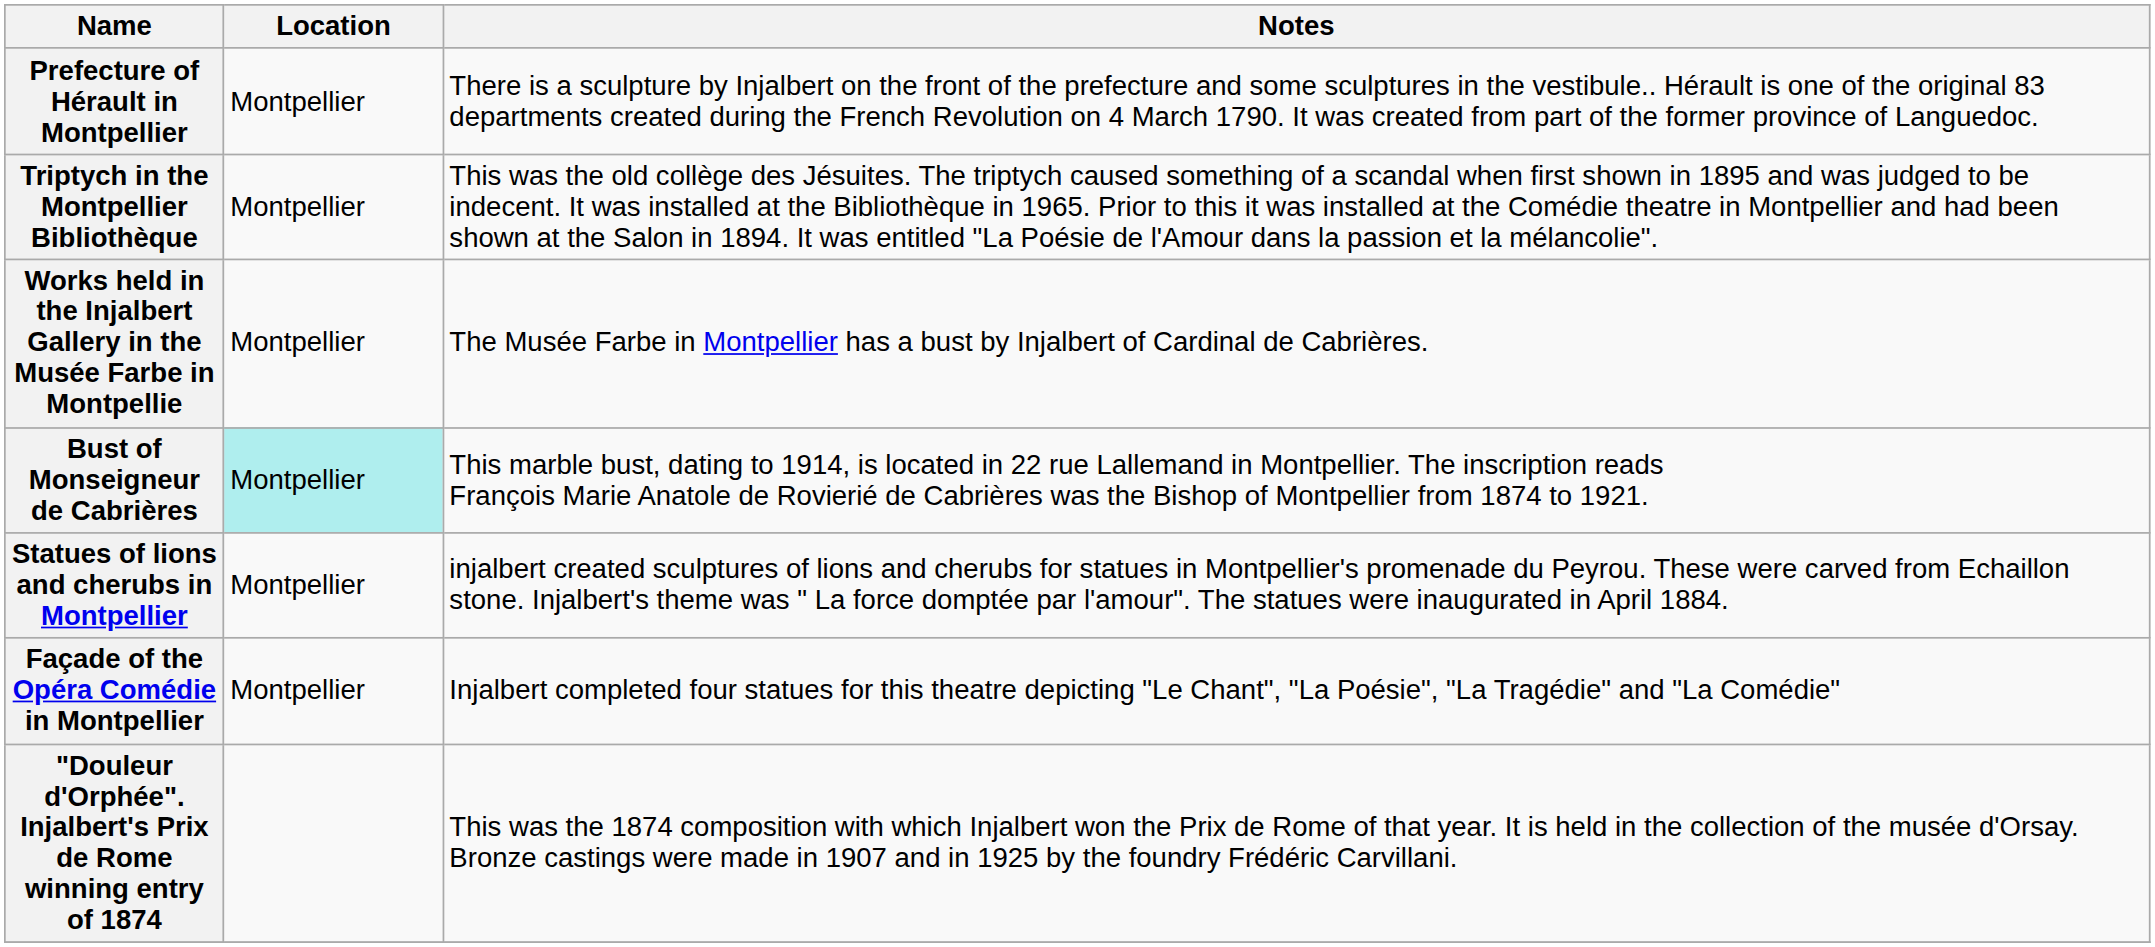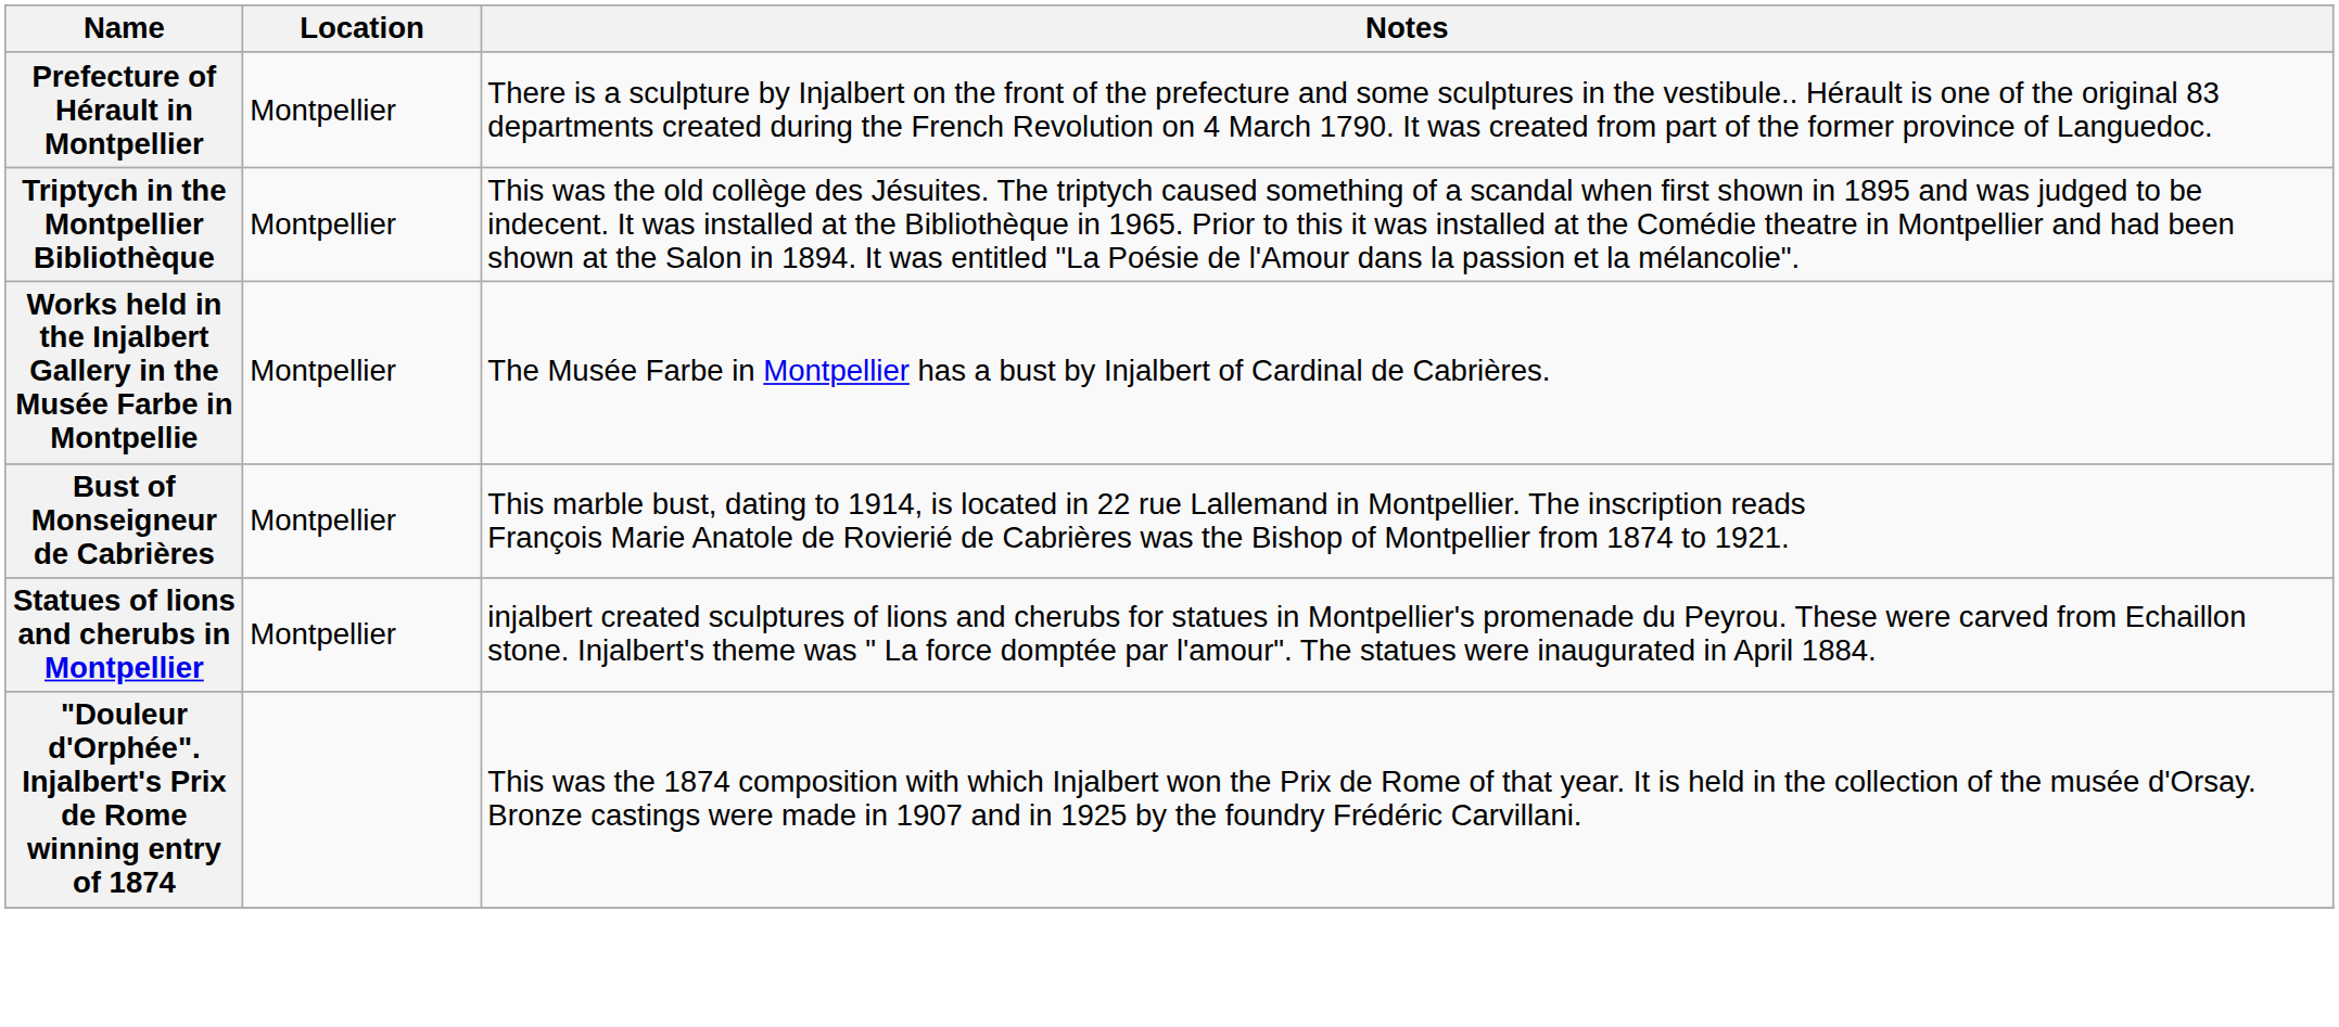 <table class="wikitable sortable plainrowheaders">
 <tr>
 <th scope="col" style="width:120px">Name</th>
 <th scope="col" style="width:120px">Location</th>
 <th scope="col" class="unsortable">Notes</th>
 </tr>
 <tr>
 <th scope="row">Prefecture of Hérault in Montpellier</th>
 <td>Montpellier<br></td>
 <td>There is a sculpture by Injalbert on the front of the prefecture and some sculptures in the vestibule..  Hérault is one of the original 83 departments created during the French Revolution on 4 March 1790. It was created from part of the former province of Languedoc.<br> </td>
 </tr>
 <tr>
 <th scope="row">Triptych in the Montpellier Bibliothèque</th>
 <td>Montpellier<br></td>
 <td>This was the old collège des Jésuites. The triptych caused something of a scandal when first shown in 1895 and was judged to be indecent.  It was installed at the Bibliothèque in 1965. Prior to this it was installed at the Comédie theatre in Montpellier and had been shown at the Salon in 1894. It was entitled "La Poésie de l'Amour dans la passion et la mélancolie".</td>
 </tr>
 <tr>
 <th scope="row">Works held in the Injalbert Gallery in the Musée Farbe in Montpellie</th>
 <td>Montpellier<br></td>
 <td>The Musée Farbe in <a href='#'>Montpellier</a> has a bust by Injalbert of Cardinal de Cabrières.<br> </td>
 </tr>
 <tr>
 <th scope="row">Bust of Monseigneur de Cabrières</th>
-<td style="background: paleturquoise;">Montpellier<br></td>
+<td>Montpellier<br></td>
 <td>This marble bust, dating to 1914, is located in 22 rue Lallemand in Montpellier. The inscription reads <br>François Marie Anatole de Rovierié de Cabrières was the Bishop of Montpellier from 1874 to 1921.</td>
 </tr>
 <tr>
 <th scope="row">Statues of lions and cherubs in <a href='#'>Montpellier</a></th>
 <td>Montpellier<br></td>
 <td>injalbert created sculptures of lions and cherubs for statues in Montpellier's promenade du Peyrou.  These were carved from Echaillon stone. Injalbert's theme was " La force domptée par l'amour".  The statues were inaugurated in April 1884.<br></td>
-</tr>
-<tr>
-<th scope="row">Façade of the <a href='#'>Opéra Comédie</a> in Montpellier</th>
-<td>Montpellier<br></td>
-<td>Injalbert completed four statues for this theatre depicting "Le Chant", "La Poésie", "La Tragédie" and "La Comédie"</td>
 </tr>
 <tr>
 <th scope="row">"Douleur d'Orphée".  Injalbert's Prix de Rome winning entry of 1874</th>
 <td><br></td>
 <td>This was the 1874 composition with which Injalbert won the Prix de Rome of that year.  It is held in the collection of the musée d'Orsay. Bronze castings were made in 1907 and in 1925 by the foundry Frédéric Carvillani.<br></td>
 </tr>
 <tr>
 </tr>
 </table>
